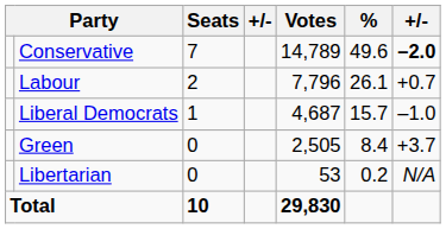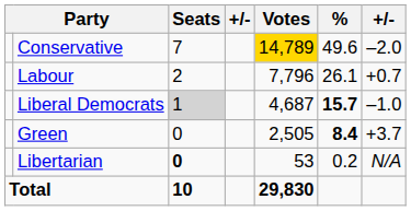 <table class="wikitable sortable">
 <tr>
 <th colspan="2">Party</th>
 <th>Seats</th>
 <th>+/-</th>
 <th>Votes</th>
 <th>%</th>
 <th>+/-</th>
 </tr>
 <tr>
 <td style="background-color: "></td>
 <td><a href='#'>Conservative</a></td>
 <td>7</td>
 <td></td>
-<td style="text-align:right;">14,789</td>
+<td style="background: gold; text-align:right;">14,789</td>
 <td style="text-align:right;">49.6</td>
-<td style="text-align:right;"><strong>–2.0</strong></td>
+<td style="text-align:right;">–2.0</td>
 </tr>
 <tr>
 <td style="background-color: "></td>
 <td><a href='#'>Labour</a></td>
 <td>2</td>
 <td></td>
 <td style="text-align:right;">7,796</td>
 <td style="text-align:right;">26.1</td>
 <td style="text-align:right;">+0.7</td>
 </tr>
 <tr>
 <td style="background-color: "></td>
 <td><a href='#'>Liberal Democrats</a></td>
-<td>1</td>
+<td style="background: lightgrey;">1</td>
 <td></td>
 <td style="text-align:right;">4,687</td>
-<td style="text-align:right;">15.7</td>
+<td style="text-align:right;"><strong>15.7</strong></td>
 <td style="text-align:right;">–1.0</td>
 </tr>
 <tr>
 <td style="background-color: "></td>
 <td><a href='#'>Green</a></td>
 <td>0</td>
 <td></td>
 <td style="text-align:right;">2,505</td>
-<td style="text-align:right;">8.4</td>
+<td style="text-align:right;"><strong>8.4</strong></td>
 <td style="text-align:right;">+3.7</td>
 </tr>
 <tr>
 <td style="background-color: "></td>
 <td><a href='#'>Libertarian</a></td>
-<td>0</td>
+<td><strong>0</strong></td>
 <td></td>
 <td style="text-align:right;">53</td>
 <td style="text-align:right;">0.2</td>
 <td style="text-align:right;"><em>N/A</em></td>
 </tr>
 <tr>
 <td colspan="2"><strong>Total</strong></td>
 <td><strong>10</strong></td>
 <td></td>
 <td style="text-align:right;"><strong>29,830</strong></td>
 <td style="text-align:right;"></td>
 <td style="text-align:right;"></td>
 </tr>
 </table>
